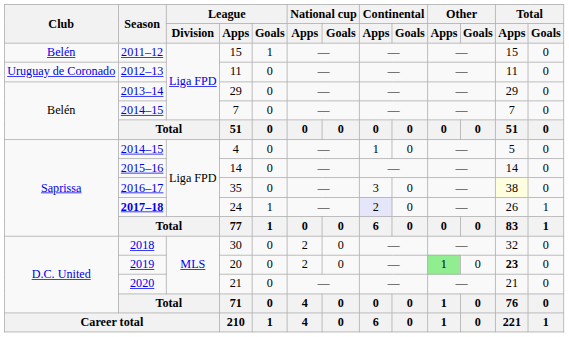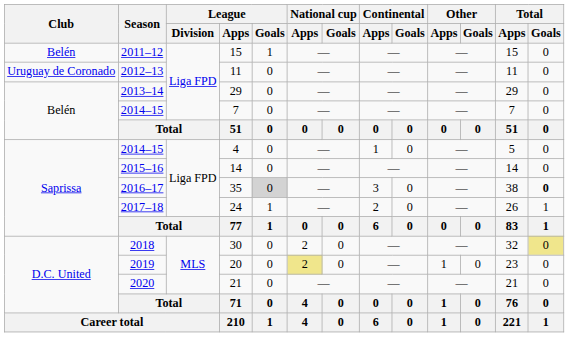 <table class="wikitable" style="text-align:center">
 <tr>
 <th rowspan="2">Club</th>
 <th rowspan="2">Season</th>
 <th colspan="3">League</th>
 <th colspan="2">National cup</th>
 <th colspan="2">Continental</th>
 <th colspan="2">Other</th>
 <th colspan="2">Total</th>
 </tr>
 <tr>
 <th>Division</th>
 <th>Apps</th>
 <th>Goals</th>
 <th>Apps</th>
 <th>Goals</th>
 <th>Apps</th>
 <th>Goals</th>
 <th>Apps</th>
 <th>Goals</th>
 <th>Apps</th>
 <th>Goals</th>
 </tr>
 <tr>
 <td><a href='#'>Belén</a></td>
 <td><a href='#'>2011–12</a></td>
 <td rowspan="4"><a href='#'>Liga FPD</a></td>
 <td>15</td>
 <td>1</td>
 <td colspan="2">—</td>
 <td colspan="2">—</td>
 <td colspan="2">—</td>
 <td>15</td>
 <td>0</td>
 </tr>
 <tr>
 <td><a href='#'>Uruguay de Coronado</a></td>
 <td><a href='#'>2012–13</a></td>
 <td>11</td>
 <td>0</td>
 <td colspan="2">—</td>
 <td colspan="2">—</td>
 <td colspan="2">—</td>
 <td>11</td>
 <td>0</td>
 </tr>
 <tr>
 <td rowspan="3">Belén</td>
 <td><a href='#'>2013–14</a></td>
 <td>29</td>
 <td>0</td>
 <td colspan="2">—</td>
 <td colspan="2">—</td>
 <td colspan="2">—</td>
 <td>29</td>
 <td>0</td>
 </tr>
 <tr>
 <td><a href='#'>2014–15</a></td>
 <td>7</td>
 <td>0</td>
 <td colspan="2">—</td>
 <td colspan="2">—</td>
 <td colspan="2">—</td>
 <td>7</td>
 <td>0</td>
 </tr>
 <tr>
 <th colspan="2">Total</th>
 <th>51</th>
 <th>0</th>
 <th>0</th>
 <th>0</th>
 <th>0</th>
 <th>0</th>
 <th>0</th>
 <th>0</th>
 <th>51</th>
 <th>0</th>
 </tr>
 <tr>
 <td rowspan="5"><a href='#'>Saprissa</a></td>
 <td><a href='#'>2014–15</a></td>
 <td rowspan="4">Liga FPD</td>
 <td>4</td>
 <td>0</td>
 <td colspan="2">—</td>
 <td>1</td>
 <td>0</td>
 <td colspan="2">—</td>
 <td>5</td>
 <td>0</td>
 </tr>
 <tr>
 <td><a href='#'>2015–16</a></td>
 <td>14</td>
 <td>0</td>
 <td colspan="2">—</td>
 <td colspan="2">—</td>
 <td colspan="2">—</td>
 <td>14</td>
 <td>0</td>
 </tr>
 <tr>
 <td><a href='#'>2016–17</a></td>
 <td>35</td>
-<td>0</td>
+<td style="background: lightgrey;">0</td>
 <td colspan="2">—</td>
 <td>3</td>
 <td>0</td>
 <td colspan="2">—</td>
-<td style="background: lightyellow;">38</td>
-<td>0</td>
+<td>38</td>
+<td><strong>0</strong></td>
 </tr>
 <tr>
-<td><strong><a href='#'>2017–18</a></strong></td>
+<td><a href='#'>2017–18</a></td>
 <td>24</td>
 <td>1</td>
 <td colspan="2">—</td>
-<td style="background: lavender;">2</td>
+<td>2</td>
 <td>0</td>
 <td colspan="2">—</td>
 <td>26</td>
 <td>1</td>
 </tr>
 <tr>
 <th colspan="2">Total</th>
 <th>77</th>
 <th>1</th>
 <th>0</th>
 <th>0</th>
 <th>6</th>
 <th>0</th>
 <th>0</th>
 <th>0</th>
 <th>83</th>
 <th>1</th>
 </tr>
 <tr>
 <td rowspan="4"><a href='#'>D.C. United</a></td>
 <td><a href='#'>2018</a></td>
 <td rowspan="3"><a href='#'>MLS</a></td>
 <td>30</td>
 <td>0</td>
 <td>2</td>
 <td>0</td>
 <td colspan="2">—</td>
 <td colspan="2">—</td>
 <td>32</td>
-<td>0</td>
+<td style="background: khaki;">0</td>
 </tr>
 <tr>
 <td><a href='#'>2019</a></td>
 <td>20</td>
 <td>0</td>
-<td>2</td>
+<td style="background: khaki;">2</td>
 <td>0</td>
 <td colspan="2">—</td>
-<td style="background: lightgreen;">1</td>
+<td>1</td>
 <td>0</td>
-<td><strong>23</strong></td>
+<td>23</td>
 <td>0</td>
 </tr>
 <tr>
 <td><a href='#'>2020</a></td>
 <td>21</td>
 <td>0</td>
 <td colspan="2">—</td>
 <td colspan="2">—</td>
 <td colspan="2">—</td>
 <td>21</td>
 <td>0</td>
 </tr>
 <tr>
 <th colspan="2">Total</th>
 <th>71</th>
 <th>0</th>
 <th>4</th>
 <th>0</th>
 <th>0</th>
 <th>0</th>
 <th>1</th>
 <th>0</th>
 <th>76</th>
 <th>0</th>
 </tr>
 <tr>
 <th colspan="3">Career total</th>
 <th>210</th>
 <th>1</th>
 <th>4</th>
 <th>0</th>
 <th>6</th>
 <th>0</th>
 <th>1</th>
 <th>0</th>
 <th>221</th>
 <th>1</th>
 </tr>
 </table>
